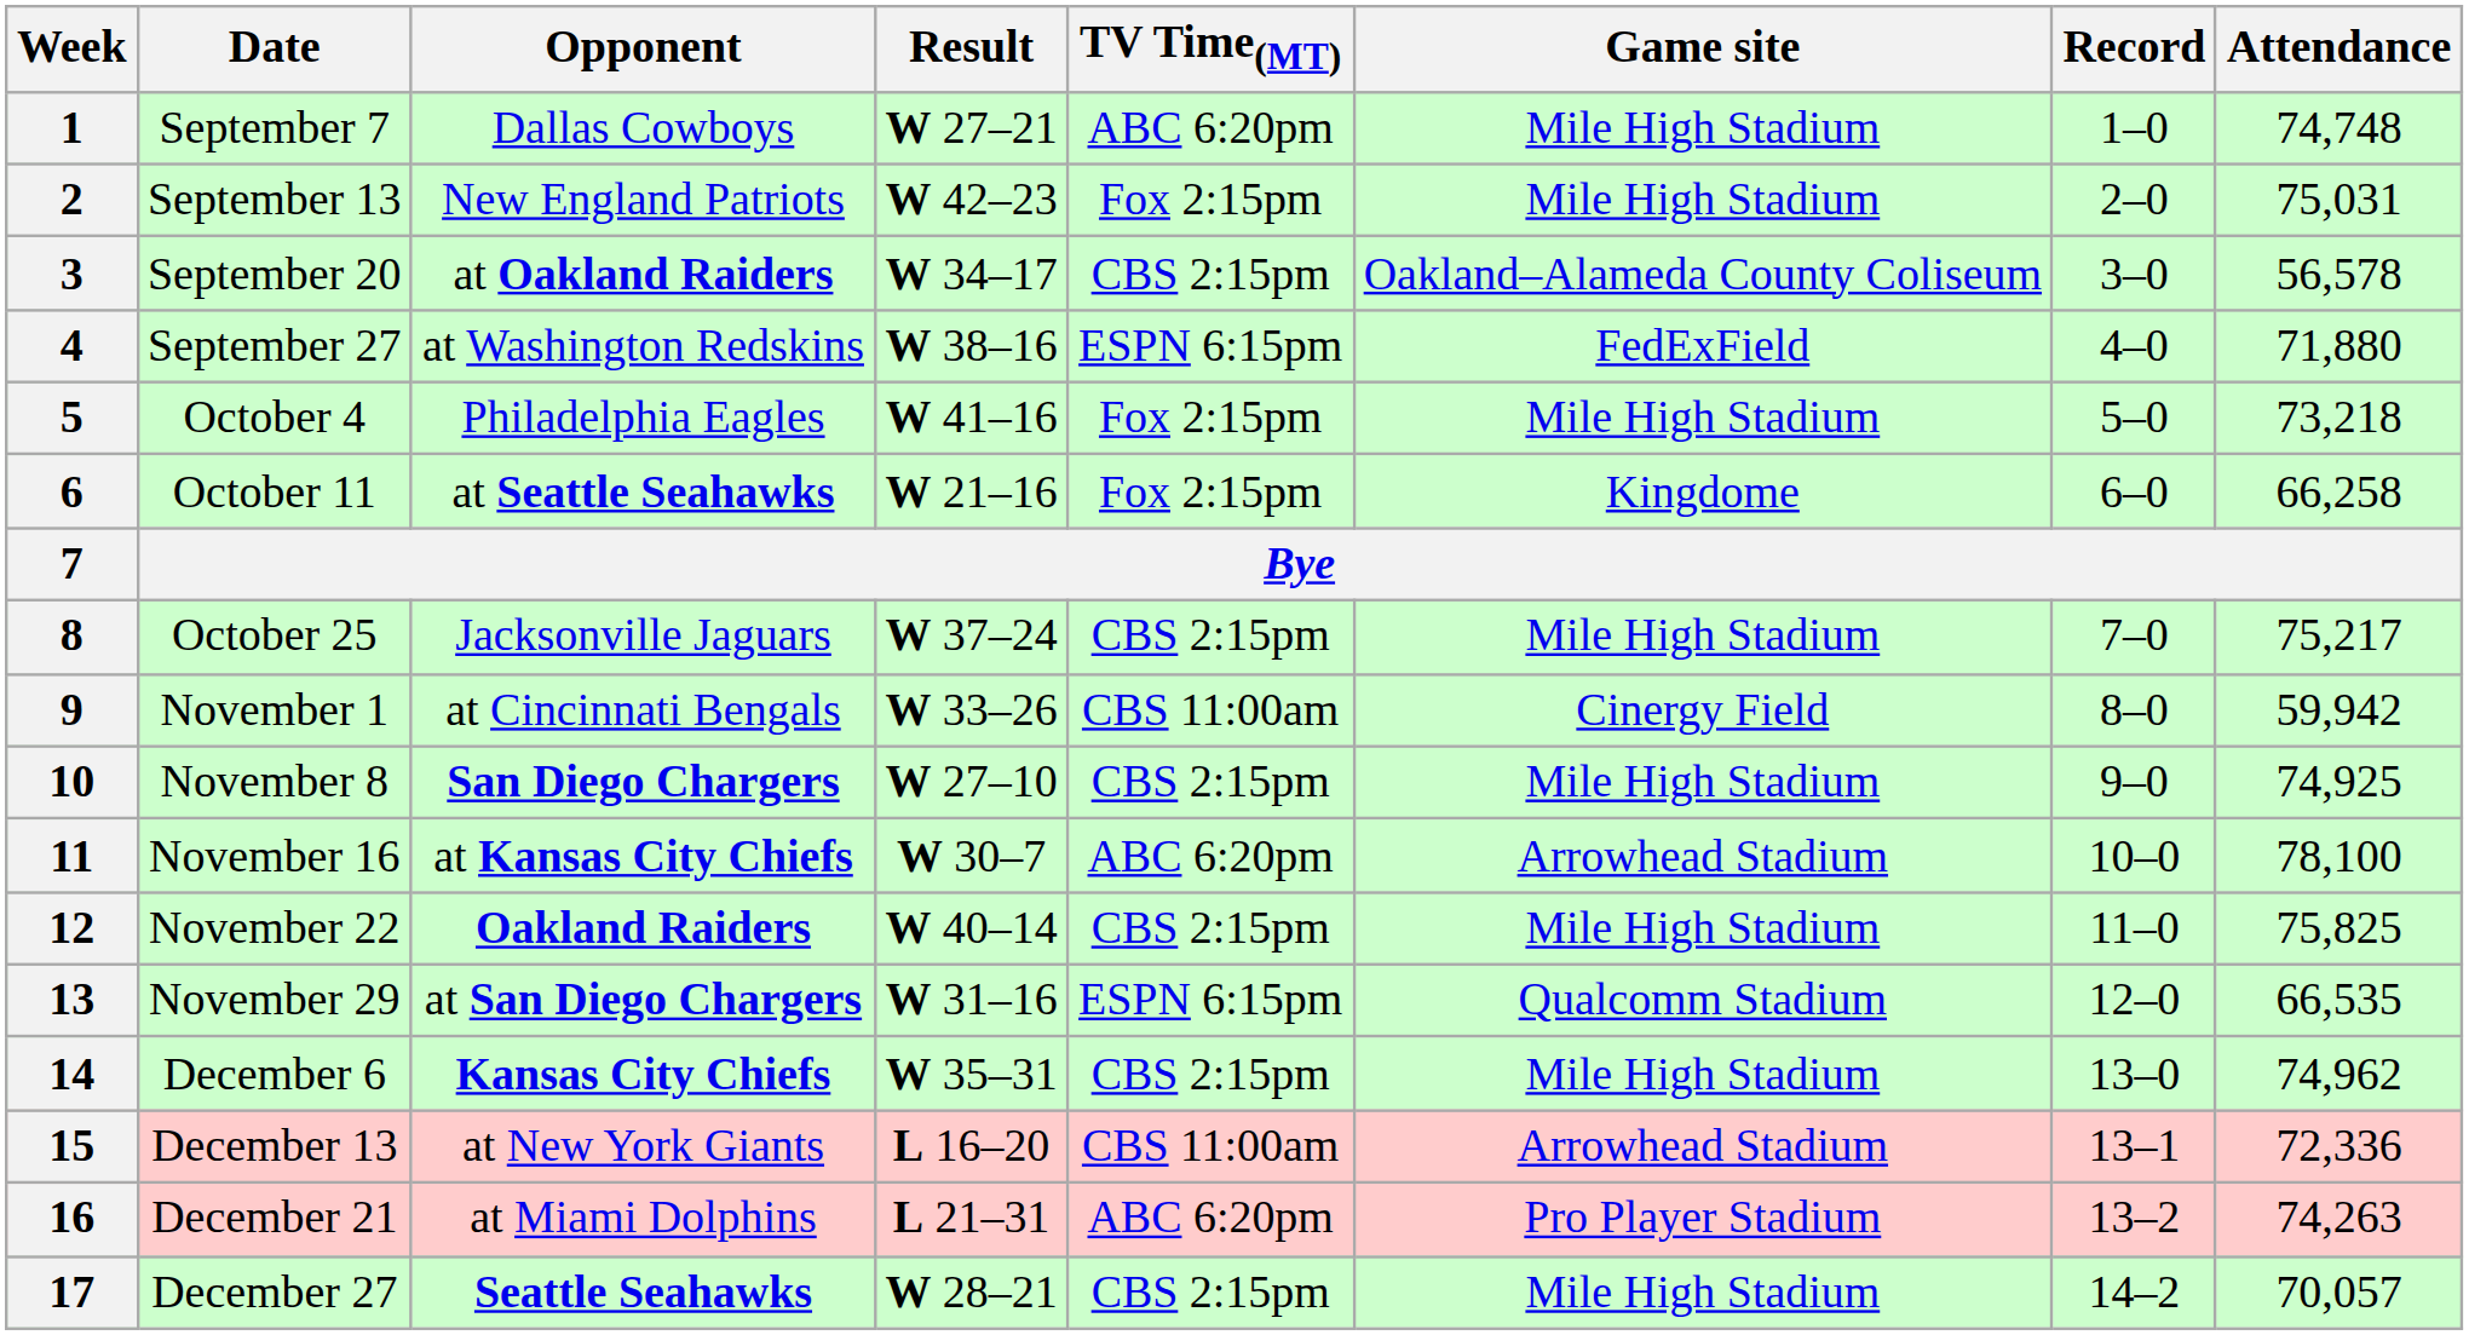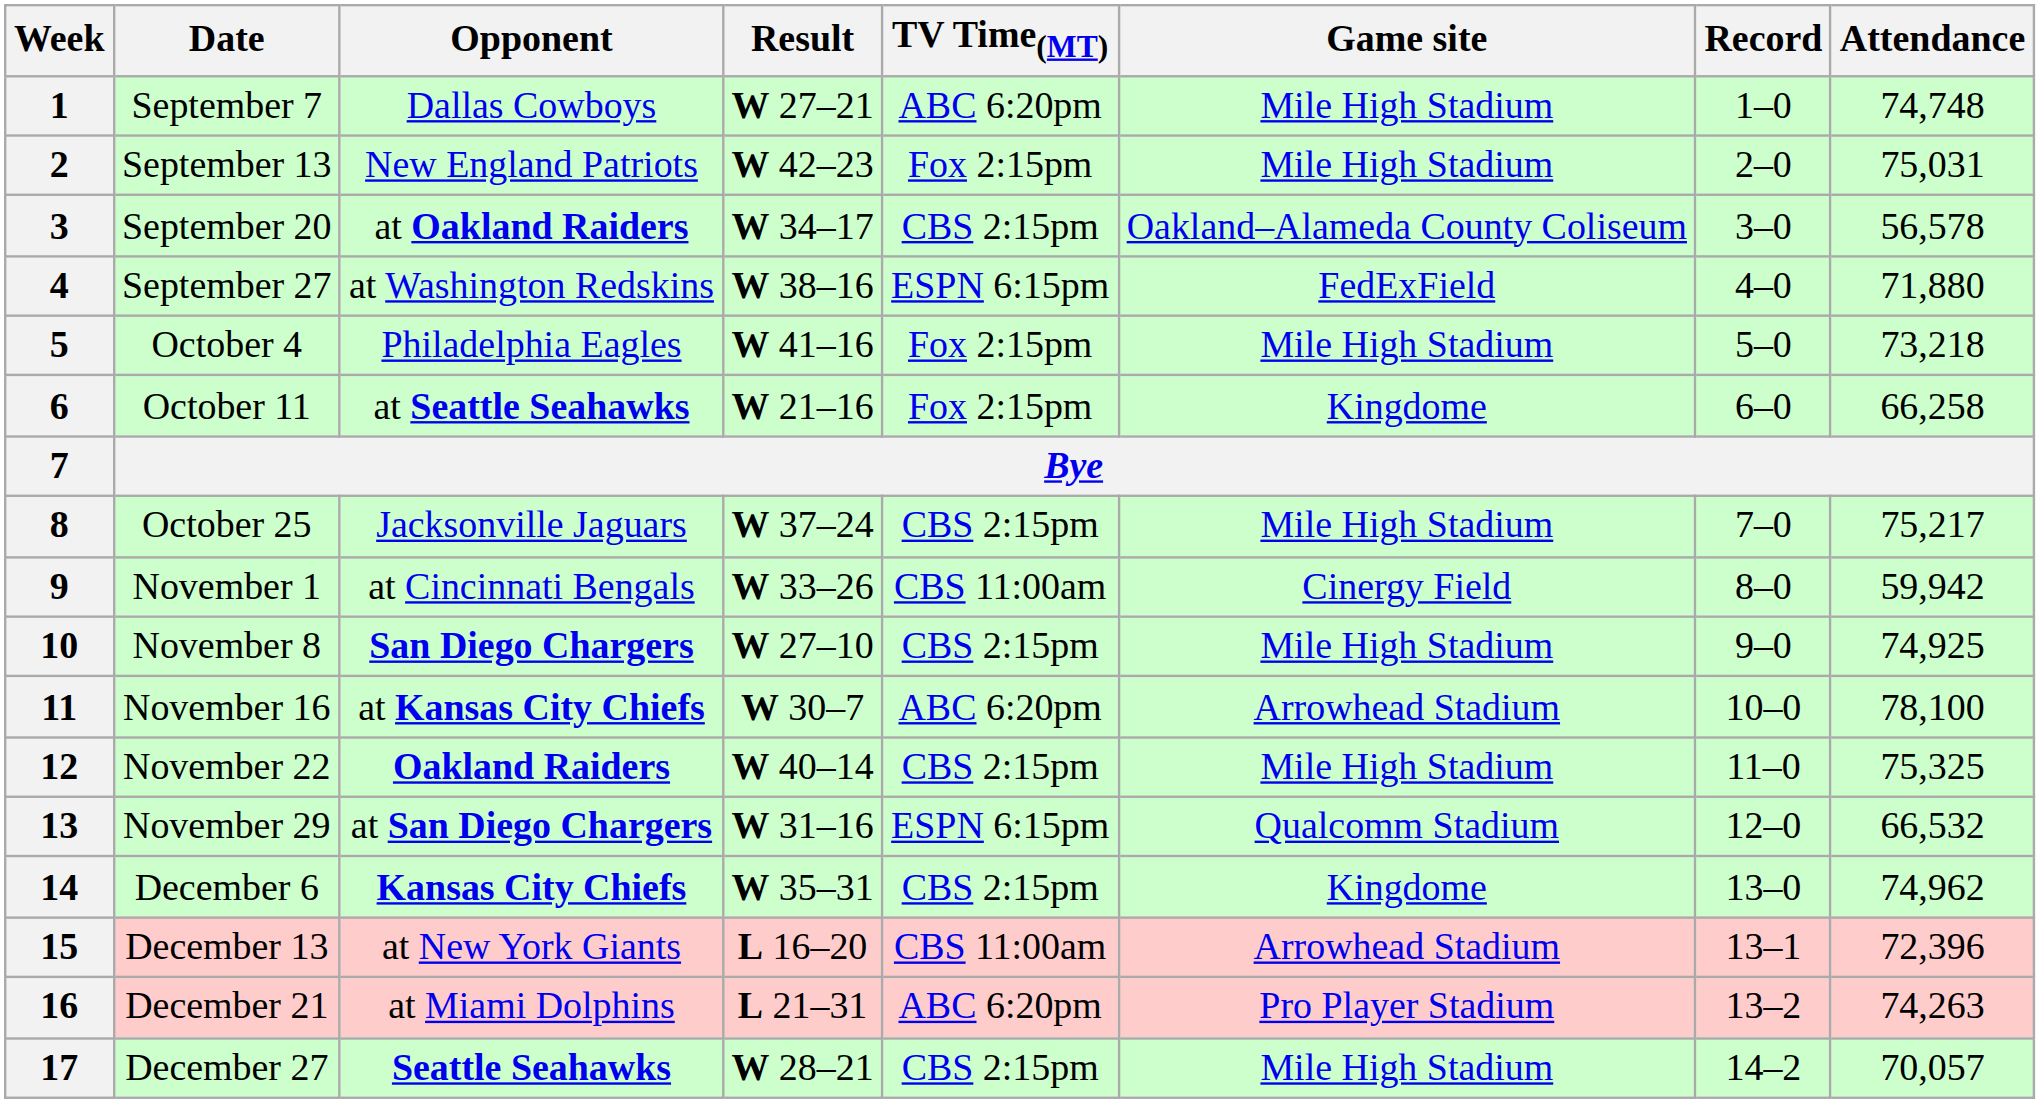 <table class="wikitable" style="text-align:center">
 <tr>
 <th>Week</th>
 <th>Date</th>
 <th>Opponent</th>
 <th>Result</th>
 <th>TV Time<sub>(<a href='#'>MT</a>)</sub></th>
 <th>Game site</th>
 <th>Record</th>
 <th>Attendance</th>
 </tr>
 <tr style="background:#cfc">
 <th>1</th>
 <td>September 7</td>
 <td><a href='#'>Dallas Cowboys</a></td>
 <td><strong>W</strong> 27–21</td>
 <td><a href='#'>ABC</a> 6:20pm</td>
 <td><a href='#'>Mile High Stadium</a></td>
 <td>1–0</td>
 <td>74,748</td>
 </tr>
 <tr style="background:#cfc">
 <th>2</th>
 <td>September 13</td>
 <td><a href='#'>New England Patriots</a></td>
 <td><strong>W</strong> 42–23</td>
 <td><a href='#'>Fox</a> 2:15pm</td>
 <td><a href='#'>Mile High Stadium</a></td>
 <td>2–0</td>
 <td>75,031</td>
 </tr>
 <tr style="background:#cfc">
 <th>3</th>
 <td>September 20</td>
 <td>at <strong><a href='#'>Oakland Raiders</a></strong></td>
 <td><strong>W</strong> 34–17</td>
 <td><a href='#'>CBS</a> 2:15pm</td>
 <td><a href='#'>Oakland–Alameda County Coliseum</a></td>
 <td>3–0</td>
 <td>56,578</td>
 </tr>
 <tr style="background:#cfc">
 <th>4</th>
 <td>September 27</td>
 <td>at <a href='#'>Washington Redskins</a></td>
 <td><strong>W</strong> 38–16</td>
 <td><a href='#'>ESPN</a> 6:15pm</td>
 <td><a href='#'>FedExField</a></td>
 <td>4–0</td>
 <td>71,880</td>
 </tr>
 <tr style="background:#cfc">
 <th>5</th>
 <td>October 4</td>
 <td><a href='#'>Philadelphia Eagles</a></td>
 <td><strong>W</strong> 41–16</td>
 <td><a href='#'>Fox</a> 2:15pm</td>
 <td><a href='#'>Mile High Stadium</a></td>
 <td>5–0</td>
 <td>73,218</td>
 </tr>
 <tr style="background:#cfc">
 <th>6</th>
 <td>October 11</td>
 <td>at <strong><a href='#'>Seattle Seahawks</a></strong></td>
 <td><strong>W</strong> 21–16</td>
 <td><a href='#'>Fox</a> 2:15pm</td>
 <td><a href='#'>Kingdome</a></td>
 <td>6–0</td>
 <td>66,258</td>
 </tr>
 <tr>
 <th>7</th>
 <th colspan="8" align="center"><em><a href='#'>Bye</a></em></th>
 </tr>
 <tr style="background:#cfc">
 <th>8</th>
 <td>October 25</td>
 <td><a href='#'>Jacksonville Jaguars</a></td>
 <td><strong>W</strong> 37–24</td>
 <td><a href='#'>CBS</a> 2:15pm</td>
 <td><a href='#'>Mile High Stadium</a></td>
 <td>7–0</td>
 <td>75,217</td>
 </tr>
 <tr style="background:#cfc">
 <th>9</th>
 <td>November 1</td>
 <td>at <a href='#'>Cincinnati Bengals</a></td>
 <td><strong>W</strong> 33–26</td>
 <td><a href='#'>CBS</a> 11:00am</td>
 <td><a href='#'>Cinergy Field</a></td>
 <td>8–0</td>
 <td>59,942</td>
 </tr>
 <tr style="background:#cfc">
 <th>10</th>
 <td>November 8</td>
 <td><strong><a href='#'>San Diego Chargers</a></strong></td>
 <td><strong>W</strong> 27–10</td>
 <td><a href='#'>CBS</a> 2:15pm</td>
 <td><a href='#'>Mile High Stadium</a></td>
 <td>9–0</td>
 <td>74,925</td>
 </tr>
 <tr style="background:#cfc">
 <th>11</th>
 <td>November 16</td>
 <td>at <strong><a href='#'>Kansas City Chiefs</a></strong></td>
 <td><strong>W</strong> 30–7</td>
 <td><a href='#'>ABC</a> 6:20pm</td>
 <td><a href='#'>Arrowhead Stadium</a></td>
 <td>10–0</td>
 <td>78,100</td>
 </tr>
 <tr style="background:#cfc">
 <th>12</th>
 <td>November 22</td>
 <td><strong><a href='#'>Oakland Raiders</a></strong></td>
 <td><strong>W</strong> 40–14</td>
 <td><a href='#'>CBS</a> 2:15pm</td>
 <td><a href='#'>Mile High Stadium</a></td>
 <td>11–0</td>
-<td>75,825</td>
+<td>75,325</td>
 </tr>
 <tr style="background:#cfc">
 <th>13</th>
 <td>November 29</td>
 <td>at <strong><a href='#'>San Diego Chargers</a></strong></td>
 <td><strong>W</strong> 31–16</td>
 <td><a href='#'>ESPN</a> 6:15pm</td>
 <td><a href='#'>Qualcomm Stadium</a></td>
 <td>12–0</td>
-<td>66,535</td>
+<td>66,532</td>
 </tr>
 <tr style="background:#cfc">
 <th>14</th>
 <td>December 6</td>
 <td><strong><a href='#'>Kansas City Chiefs</a></strong></td>
 <td><strong>W</strong> 35–31</td>
 <td><a href='#'>CBS</a> 2:15pm</td>
-<td><a href='#'>Mile High Stadium</a></td>
+<td><a href='#'>Kingdome</a></td>
 <td>13–0</td>
 <td>74,962</td>
 </tr>
 <tr style="background:#fcc">
 <th>15</th>
 <td>December 13</td>
 <td>at <a href='#'>New York Giants</a></td>
 <td><strong>L</strong> 16–20</td>
 <td><a href='#'>CBS</a> 11:00am</td>
 <td><a href='#'>Arrowhead Stadium</a></td>
 <td>13–1</td>
-<td>72,336</td>
+<td>72,396</td>
 </tr>
 <tr style="background:#fcc">
 <th>16</th>
 <td>December 21</td>
 <td>at <a href='#'>Miami Dolphins</a></td>
 <td><strong>L</strong> 21–31</td>
 <td><a href='#'>ABC</a> 6:20pm</td>
 <td><a href='#'>Pro Player Stadium</a></td>
 <td>13–2</td>
 <td>74,263</td>
 </tr>
 <tr style="background:#cfc">
 <th>17</th>
 <td>December 27</td>
 <td><strong><a href='#'>Seattle Seahawks</a></strong></td>
 <td><strong>W</strong> 28–21</td>
 <td><a href='#'>CBS</a> 2:15pm</td>
 <td><a href='#'>Mile High Stadium</a></td>
 <td>14–2</td>
 <td>70,057</td>
 </tr>
 </table>
